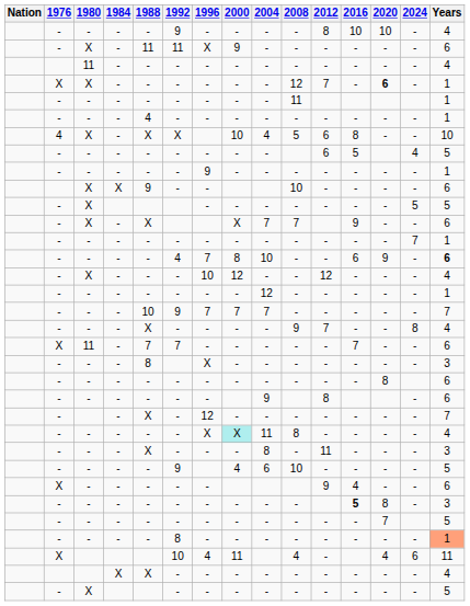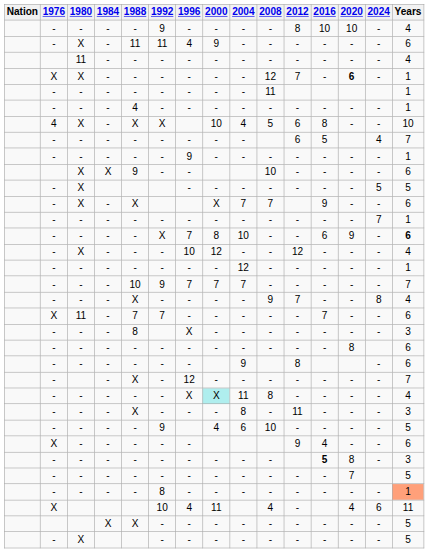 <table class="wikitable" style="text-align:center">
 <tr>
 <th>Nation</th>
 <th><a href='#'>1976</a></th>
 <th><a href='#'>1980</a></th>
 <th><a href='#'>1984</a></th>
 <th><a href='#'>1988</a></th>
 <th><a href='#'>1992</a></th>
 <th><a href='#'>1996</a></th>
 <th><a href='#'>2000</a></th>
 <th><a href='#'>2004</a></th>
 <th><a href='#'>2008</a></th>
 <th><a href='#'>2012</a></th>
 <th><a href='#'>2016</a></th>
 <th><a href='#'>2020</a></th>
 <th><a href='#'>2024</a></th>
 <th>Years</th>
 </tr>
 <tr>
 <td align=left></td>
 <td>-</td>
 <td>-</td>
 <td>-</td>
 <td>-</td>
 <td>9</td>
 <td>-</td>
 <td>-</td>
 <td>-</td>
 <td>-</td>
 <td>8</td>
 <td>10</td>
 <td>10</td>
 <td>-</td>
 <td>4</td>
 </tr>
 <tr>
 <td align=left></td>
 <td>-</td>
 <td>X</td>
 <td>-</td>
 <td>11</td>
 <td>11</td>
-<td>X</td>
+<td>4</td>
 <td>9</td>
 <td>-</td>
 <td>-</td>
 <td>-</td>
 <td>-</td>
 <td>-</td>
 <td>-</td>
 <td>6</td>
 </tr>
 <tr>
 <td align=left></td>
 <td></td>
 <td>11</td>
 <td>-</td>
 <td>-</td>
 <td>-</td>
 <td>-</td>
 <td>-</td>
 <td>-</td>
 <td>-</td>
 <td>-</td>
 <td>-</td>
 <td>-</td>
 <td>-</td>
 <td>4</td>
 </tr>
 <tr>
 <td align=left></td>
 <td>X</td>
 <td>X</td>
 <td>-</td>
 <td>-</td>
 <td>-</td>
 <td>-</td>
 <td>-</td>
 <td>-</td>
 <td>12</td>
 <td>7</td>
 <td>-</td>
 <td><strong>6</strong></td>
 <td>-</td>
 <td>1</td>
 </tr>
 <tr>
 <td align=left></td>
 <td>-</td>
 <td>-</td>
 <td>-</td>
 <td>-</td>
 <td>-</td>
 <td>-</td>
 <td>-</td>
 <td>-</td>
 <td>11</td>
 <td></td>
 <td></td>
 <td></td>
 <td></td>
 <td>1</td>
 </tr>
 <tr>
 <td align=left></td>
 <td>-</td>
 <td>-</td>
 <td>-</td>
 <td>4</td>
 <td>-</td>
 <td>-</td>
 <td>-</td>
 <td>-</td>
 <td>-</td>
 <td>-</td>
 <td>-</td>
 <td>-</td>
 <td>-</td>
 <td>1</td>
 </tr>
 <tr>
 <td align=left></td>
 <td>4</td>
 <td>X</td>
 <td>-</td>
 <td>X</td>
 <td>X</td>
 <td></td>
 <td>10</td>
 <td>4</td>
 <td>5</td>
 <td>6</td>
 <td>8</td>
 <td>-</td>
 <td>-</td>
 <td>10</td>
 </tr>
 <tr>
 <td align=left></td>
 <td>-</td>
 <td>-</td>
 <td>-</td>
 <td>-</td>
 <td>-</td>
 <td>-</td>
 <td>-</td>
 <td>-</td>
 <td></td>
 <td>6</td>
 <td>5</td>
 <td></td>
 <td>4</td>
-<td>5</td>
+<td>7</td>
 </tr>
 <tr>
 <td align=left></td>
 <td>-</td>
 <td>-</td>
 <td>-</td>
 <td>-</td>
 <td>-</td>
 <td>9</td>
 <td>-</td>
 <td>-</td>
 <td>-</td>
 <td>-</td>
 <td>-</td>
 <td>-</td>
 <td>-</td>
 <td>1</td>
 </tr>
 <tr>
 <td align=left></td>
 <td></td>
 <td>X</td>
 <td>X</td>
 <td>9</td>
 <td>-</td>
 <td>-</td>
 <td></td>
 <td></td>
 <td>10</td>
 <td>-</td>
 <td>-</td>
 <td>-</td>
 <td>-</td>
 <td>6</td>
 </tr>
 <tr>
 <td align=left></td>
 <td>-</td>
 <td>X</td>
 <td></td>
 <td></td>
 <td></td>
 <td>-</td>
 <td>-</td>
 <td>-</td>
 <td>-</td>
 <td>-</td>
 <td>-</td>
 <td>-</td>
 <td>5</td>
 <td>5</td>
 </tr>
 <tr>
 <td align=left></td>
 <td>-</td>
 <td>X</td>
 <td>-</td>
 <td>X</td>
 <td></td>
 <td></td>
 <td>X</td>
 <td>7</td>
 <td>7</td>
 <td></td>
 <td>9</td>
 <td>-</td>
 <td>-</td>
 <td>6</td>
 </tr>
 <tr>
 <td align=left></td>
 <td>-</td>
 <td>-</td>
 <td>-</td>
 <td>-</td>
 <td>-</td>
 <td>-</td>
 <td>-</td>
 <td>-</td>
 <td>-</td>
 <td>-</td>
 <td>-</td>
 <td>-</td>
 <td>7</td>
 <td>1</td>
 </tr>
 <tr>
 <td align=left></td>
 <td>-</td>
 <td>-</td>
 <td>-</td>
 <td>-</td>
-<td>4</td>
+<td>X</td>
 <td>7</td>
 <td>8</td>
 <td>10</td>
 <td>-</td>
 <td>-</td>
 <td>6</td>
 <td>9</td>
 <td>-</td>
 <td><strong>6</strong></td>
 </tr>
 <tr>
 <td align=left></td>
 <td>-</td>
 <td>X</td>
 <td>-</td>
 <td>-</td>
 <td>-</td>
 <td>10</td>
 <td>12</td>
 <td>-</td>
 <td>-</td>
 <td>12</td>
 <td>-</td>
 <td>-</td>
 <td>-</td>
 <td>4</td>
 </tr>
 <tr>
 <td align=left></td>
 <td>-</td>
 <td>-</td>
 <td>-</td>
 <td>-</td>
 <td>-</td>
 <td>-</td>
 <td>-</td>
 <td>12</td>
 <td>-</td>
 <td>-</td>
 <td>-</td>
 <td>-</td>
 <td>-</td>
 <td>1</td>
 </tr>
 <tr>
 <td align=left></td>
 <td>-</td>
 <td>-</td>
 <td>-</td>
 <td>10</td>
 <td>9</td>
 <td>7</td>
 <td>7</td>
 <td>7</td>
 <td>-</td>
 <td>-</td>
 <td>-</td>
 <td>-</td>
 <td>-</td>
 <td>7</td>
 </tr>
 <tr>
 <td align=left></td>
 <td>-</td>
 <td>-</td>
 <td>-</td>
 <td>X</td>
 <td>-</td>
 <td>-</td>
 <td>-</td>
 <td>-</td>
 <td>9</td>
 <td>7</td>
 <td>-</td>
 <td>-</td>
 <td>8</td>
 <td>4</td>
 </tr>
 <tr>
 <td align=left></td>
 <td>X</td>
 <td>11</td>
 <td>-</td>
 <td>7</td>
 <td>7</td>
 <td>-</td>
 <td>-</td>
 <td>-</td>
 <td>-</td>
 <td>-</td>
 <td>7</td>
 <td>-</td>
 <td>-</td>
 <td>6</td>
 </tr>
 <tr>
 <td align=left></td>
 <td>-</td>
 <td>-</td>
 <td>-</td>
 <td>8</td>
 <td></td>
 <td>X</td>
 <td>-</td>
 <td>-</td>
 <td>-</td>
 <td>-</td>
 <td>-</td>
 <td>-</td>
 <td>-</td>
 <td>3</td>
 </tr>
 <tr>
 <td align=left></td>
 <td>-</td>
 <td>-</td>
 <td>-</td>
 <td>-</td>
 <td>-</td>
 <td>-</td>
 <td>-</td>
 <td>-</td>
 <td>-</td>
 <td>-</td>
 <td>-</td>
 <td>8</td>
 <td></td>
 <td>6</td>
 </tr>
 <tr>
 <td align=left></td>
 <td>-</td>
 <td>-</td>
 <td>-</td>
 <td>-</td>
 <td>-</td>
 <td>-</td>
 <td></td>
 <td>9</td>
 <td></td>
 <td>8</td>
 <td></td>
 <td></td>
 <td>-</td>
 <td>6</td>
 </tr>
 <tr>
 <td align=left></td>
 <td>-</td>
 <td></td>
 <td>-</td>
 <td>X</td>
 <td>-</td>
 <td>12</td>
 <td>-</td>
 <td>-</td>
 <td>-</td>
 <td>-</td>
 <td>-</td>
 <td>-</td>
 <td>-</td>
 <td>7</td>
 </tr>
 <tr>
 <td align=left></td>
 <td>-</td>
 <td>-</td>
 <td>-</td>
 <td>-</td>
 <td>-</td>
 <td>X</td>
 <td style="background: paleturquoise;">X</td>
 <td>11</td>
 <td>8</td>
 <td>-</td>
 <td>-</td>
 <td>-</td>
 <td>-</td>
 <td>4</td>
 </tr>
 <tr>
 <td align=left></td>
 <td>-</td>
 <td>-</td>
 <td>-</td>
 <td>X</td>
 <td>-</td>
 <td>-</td>
 <td>-</td>
 <td>8</td>
 <td>-</td>
 <td>11</td>
 <td>-</td>
 <td>-</td>
 <td>-</td>
 <td>3</td>
 </tr>
 <tr>
 <td align=left></td>
 <td>-</td>
 <td>-</td>
 <td>-</td>
 <td>-</td>
 <td>9</td>
 <td></td>
 <td>4</td>
 <td>6</td>
 <td>10</td>
 <td>-</td>
 <td>-</td>
 <td>-</td>
 <td>-</td>
 <td>5</td>
 </tr>
 <tr>
 <td align=left></td>
 <td>X</td>
 <td>-</td>
 <td>-</td>
 <td>-</td>
 <td>-</td>
 <td>-</td>
 <td></td>
 <td></td>
 <td></td>
 <td>9</td>
 <td>4</td>
 <td>-</td>
 <td>-</td>
 <td>6</td>
 </tr>
 <tr>
 <td align=left></td>
 <td>-</td>
 <td>-</td>
 <td>-</td>
 <td>-</td>
 <td>-</td>
 <td>-</td>
 <td>-</td>
 <td>-</td>
 <td>-</td>
 <td></td>
 <td><strong>5</strong></td>
 <td>8</td>
 <td>-</td>
 <td>3</td>
 </tr>
 <tr>
 <td align=left></td>
 <td>-</td>
 <td>-</td>
 <td>-</td>
 <td>-</td>
 <td>-</td>
 <td>-</td>
 <td>-</td>
 <td>-</td>
 <td>-</td>
 <td>-</td>
 <td>-</td>
 <td>7</td>
 <td></td>
 <td>5</td>
 </tr>
 <tr>
 <td align=left></td>
 <td>-</td>
 <td>-</td>
 <td>-</td>
 <td>-</td>
 <td>8</td>
 <td>-</td>
 <td>-</td>
 <td>-</td>
 <td>-</td>
 <td>-</td>
 <td>-</td>
 <td>-</td>
 <td>-</td>
 <td style="background: lightsalmon;">1</td>
 </tr>
 <tr>
 <td align=left></td>
 <td>X</td>
 <td></td>
 <td></td>
 <td></td>
 <td>10</td>
 <td>4</td>
 <td>11</td>
 <td></td>
 <td>4</td>
 <td>-</td>
 <td></td>
 <td>4</td>
 <td>6</td>
 <td>11</td>
 </tr>
 <tr>
 <td align=left></td>
 <td></td>
 <td></td>
 <td>X</td>
 <td>X</td>
 <td>-</td>
 <td>-</td>
 <td>-</td>
 <td>-</td>
 <td>-</td>
 <td>-</td>
 <td>-</td>
 <td>-</td>
 <td>-</td>
-<td>4</td>
+<td>5</td>
 </tr>
 <tr>
 <td align=left></td>
 <td>-</td>
 <td>X</td>
 <td></td>
 <td></td>
 <td>-</td>
 <td>-</td>
 <td>-</td>
 <td>-</td>
 <td>-</td>
 <td>-</td>
 <td>-</td>
 <td>-</td>
 <td>-</td>
 <td>5</td>
 </tr>
 </table>
